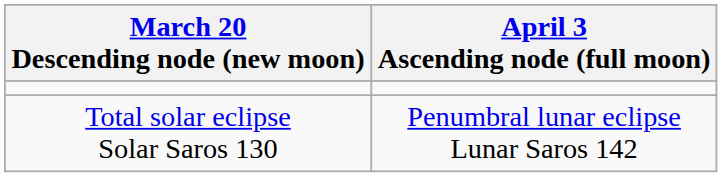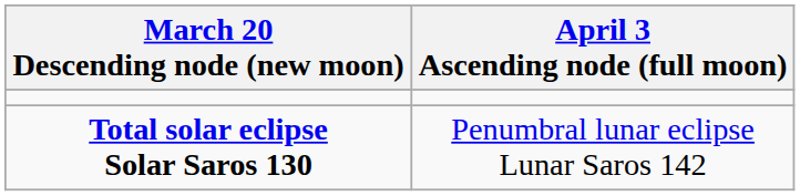 <table class="wikitable">
 <tr>
 <th><a href='#'>March 20</a><br>Descending node (new moon)<br></th>
 <th><a href='#'>April 3</a><br>Ascending node (full moon)<br></th>
 </tr>
 <tr>
 <td></td>
 <td></td>
 </tr>
 <tr align=center>
-<td><a href='#'>Total solar eclipse</a><br>Solar Saros 130</td>
+<td><strong><a href='#'>Total solar eclipse</a><br>Solar Saros 130</strong></td>
 <td><a href='#'>Penumbral lunar eclipse</a><br>Lunar Saros 142</td>
 </tr>
 </table>
